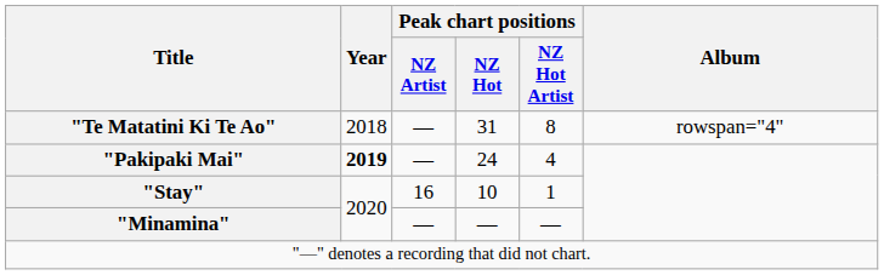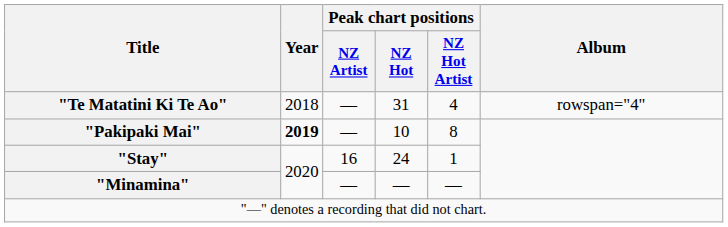 <table class="wikitable plainrowheaders" style="text-align:center;">
 <tr>
 <th scope="col" rowspan="2" style="width:16em;">Title</th>
 <th scope="col" rowspan="2" style="width:1em;">Year</th>
 <th scope="col" colspan="3">Peak chart positions</th>
 <th scope="col" rowspan="2" style="width:14em;">Album</th>
 </tr>
 <tr>
 <th scope="col" style="width:3em;font-size:90%;"><a href='#'>NZ<br>Artist</a><br></th>
 <th scope="col" style="width:3em;font-size:90%;"><a href='#'>NZ<br>Hot</a><br></th>
 <th scope="col" style="width:3em;font-size:90%;"><a href='#'>NZ<br>Hot<br>Artist</a><br></th>
 </tr>
 <tr>
 <th scope="row">"Te Matatini Ki Te Ao"<br></th>
 <td>2018</td>
 <td>—</td>
 <td>31</td>
-<td>8</td>
+<td>4</td>
 <td>rowspan="4" </td>
 </tr>
 <tr>
 <th scope="row">"Pakipaki Mai"<br></th>
 <td><strong>2019</strong></td>
 <td>—</td>
-<td>24</td>
-<td>4</td>
+<td>10</td>
+<td>8</td>
 </tr>
 <tr>
 <th scope="row">"Stay"<br></th>
 <td rowspan="2">2020</td>
 <td>16</td>
-<td>10</td>
+<td>24</td>
 <td>1</td>
 </tr>
 <tr>
 <th scope="row">"Minamina"<br></th>
 <td>—</td>
 <td>—</td>
 <td>—</td>
 </tr>
 <tr>
 <td colspan="8" style="font-size:85%;">"—" denotes a recording that did not chart.</td>
 </tr>
 </table>
